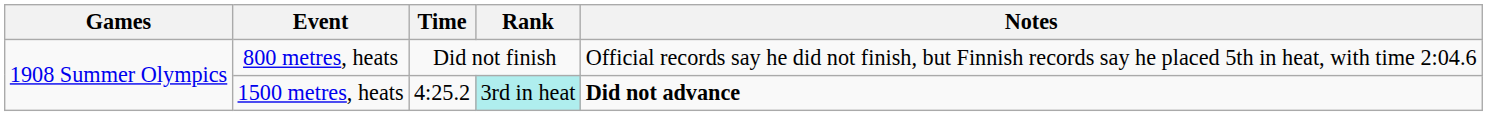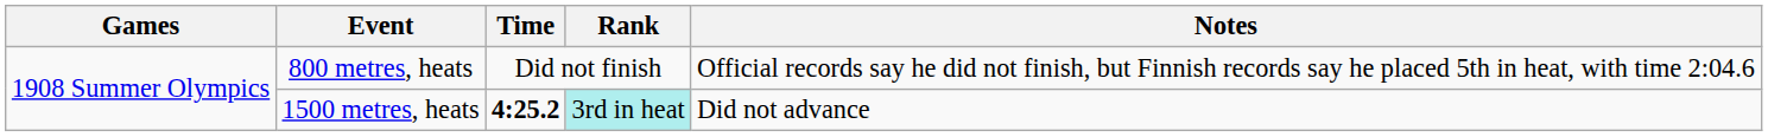 <table class="wikitable" style=" text-align:center;">
 <tr>
 <th>Games</th>
 <th>Event</th>
 <th>Time</th>
 <th>Rank</th>
 <th>Notes</th>
 </tr>
 <tr>
 <td rowspan=2><a href='#'>1908 Summer Olympics</a></td>
 <td><a href='#'>800 metres</a>, heats</td>
 <td colspan=2>Did not finish</td>
 <td align=left>Official records say he did not finish, but Finnish records say he placed 5th in heat, with time 2:04.6</td>
 </tr>
 <tr>
 <td><a href='#'>1500 metres</a>, heats</td>
-<td>4:25.2</td>
+<td><strong>4:25.2</strong></td>
 <td style="background: paleturquoise;">3rd in heat</td>
-<td align=left><strong>Did not advance</strong></td>
+<td align=left>Did not advance</td>
 </tr>
 </table>
